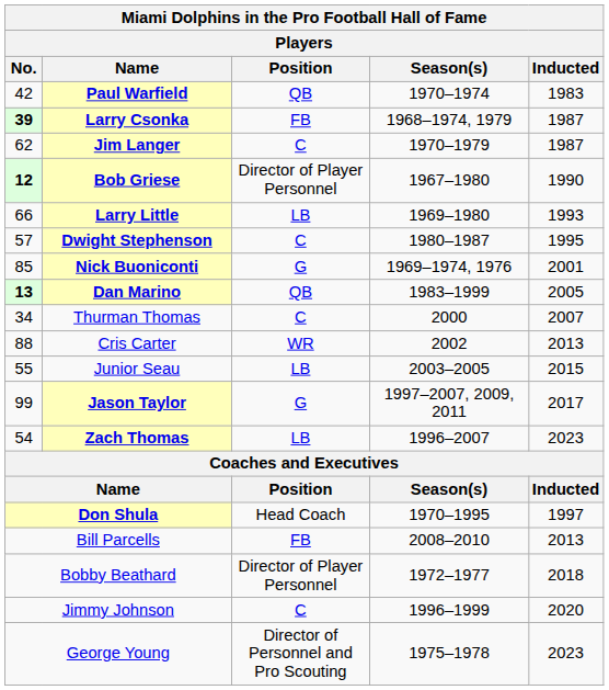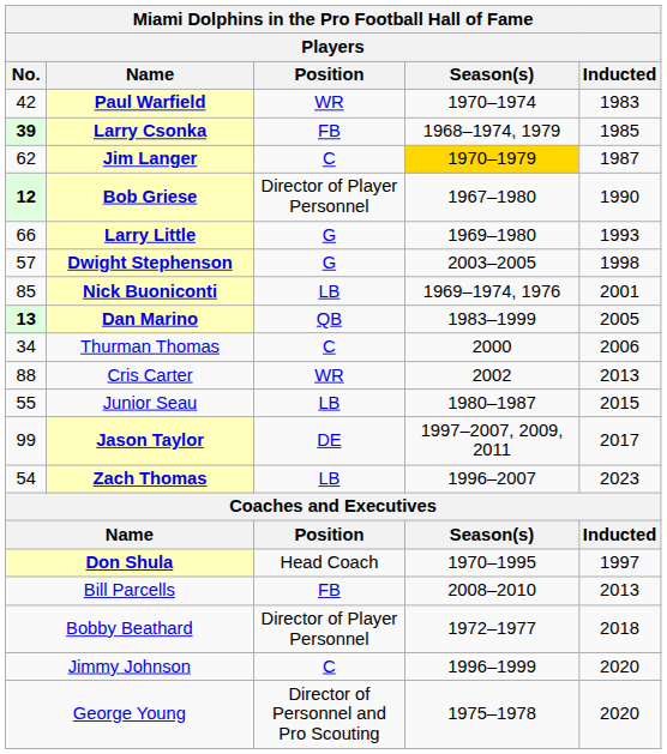 <table class="wikitable" style="text-align:center">
 <tr>
 <th colspan="6"><strong>Miami Dolphins in the Pro Football Hall of Fame</strong></th>
 </tr>
 <tr>
 <th colspan="6">Players</th>
 </tr>
 <tr>
 <th style="width:30px">No.</th>
 <th style="width:180px">Name</th>
 <th style="width:130px">Position</th>
 <th style="width:150px">Season(s)</th>
 <th style="width:50px">Inducted</th>
 </tr>
 <tr>
 <td>42</td>
 <td style="background:#ffb"><strong><a href='#'>Paul Warfield</a></strong></td>
-<td><a href='#'>QB</a></td>
+<td><a href='#'>WR</a></td>
 <td>1970–1974</td>
 <td>1983</td>
 </tr>
 <tr>
 <td style="background:#DDFFDD"><strong>39</strong></td>
 <td style="background:#ffb"><strong><a href='#'>Larry Csonka</a></strong></td>
 <td><a href='#'>FB</a></td>
 <td>1968–1974, 1979</td>
-<td>1987</td>
+<td>1985</td>
 </tr>
 <tr>
 <td>62</td>
 <td style="background:#ffb"><strong><a href='#'>Jim Langer</a></strong></td>
 <td><a href='#'>C</a></td>
-<td>1970–1979</td>
+<td style="background: gold;">1970–1979</td>
 <td>1987</td>
 </tr>
 <tr>
 <td style="background:#DDFFDD"><strong>12</strong></td>
 <td style="background:#ffb"><strong><a href='#'>Bob Griese</a></strong></td>
 <td>Director of Player Personnel</td>
 <td>1967–1980</td>
 <td>1990</td>
 </tr>
 <tr>
 <td>66</td>
 <td style="background:#ffb"><strong><a href='#'>Larry Little</a></strong></td>
-<td><a href='#'>LB</a></td>
+<td><a href='#'>G</a></td>
 <td>1969–1980</td>
 <td>1993</td>
 </tr>
 <tr>
 <td>57</td>
 <td style="background:#ffb"><strong><a href='#'>Dwight Stephenson</a></strong></td>
-<td><a href='#'>C</a></td>
-<td>1980–1987</td>
-<td>1995</td>
+<td><a href='#'>G</a></td>
+<td>2003–2005</td>
+<td>1998</td>
 </tr>
 <tr>
 <td>85</td>
 <td style="background:#ffb"><strong><a href='#'>Nick Buoniconti</a></strong></td>
-<td><a href='#'>G</a></td>
+<td><a href='#'>LB</a></td>
 <td>1969–1974, 1976</td>
 <td>2001</td>
 </tr>
 <tr>
 <td style="background:#DDFFDD"><strong>13</strong></td>
 <td style="background:#ffb"><strong><a href='#'>Dan Marino</a></strong></td>
 <td><a href='#'>QB</a></td>
 <td>1983–1999</td>
 <td>2005</td>
 </tr>
 <tr>
 <td>34</td>
 <td><a href='#'>Thurman Thomas</a></td>
 <td><a href='#'>C</a></td>
 <td>2000</td>
-<td>2007</td>
+<td>2006</td>
 </tr>
 <tr>
 <td>88</td>
 <td><a href='#'>Cris Carter</a></td>
 <td><a href='#'>WR</a></td>
 <td>2002</td>
 <td>2013</td>
 </tr>
 <tr>
 <td>55</td>
 <td><a href='#'>Junior Seau</a></td>
 <td><a href='#'>LB</a></td>
-<td>2003–2005</td>
+<td>1980–1987</td>
 <td>2015</td>
 </tr>
 <tr>
 <td>99</td>
 <td style="background:#ffb"><strong><a href='#'>Jason Taylor</a></strong></td>
-<td><a href='#'>G</a></td>
+<td><a href='#'>DE</a></td>
 <td>1997–2007, 2009, 2011</td>
 <td>2017</td>
 </tr>
 <tr>
 <td>54</td>
 <td style="background:#ffb"><strong><a href='#'>Zach Thomas</a> </strong></td>
 <td><a href='#'>LB</a></td>
 <td>1996–2007</td>
 <td>2023</td>
 </tr>
 <tr>
 <th colspan="6">Coaches and Executives</th>
 </tr>
 <tr>
 <th style="width:130px" colspan="2">Name</th>
 <th style="width:130px">Position</th>
 <th style="width:100px">Season(s)</th>
 <th style="width:50px">Inducted</th>
 </tr>
 <tr>
 <td colspan="2"style="background:#ffb"><strong><a href='#'>Don Shula</a></strong></td>
 <td>Head Coach</td>
 <td>1970–1995</td>
 <td>1997</td>
 </tr>
 <tr>
 <td colspan="2"><a href='#'>Bill Parcells</a></td>
 <td><a href='#'>FB</a></td>
 <td>2008–2010</td>
 <td>2013</td>
 </tr>
 <tr>
 <td colspan="2"><a href='#'>Bobby Beathard</a></td>
 <td>Director of Player Personnel</td>
 <td>1972–1977</td>
 <td>2018</td>
 </tr>
 <tr>
 <td colspan="2"><a href='#'>Jimmy Johnson</a></td>
 <td><a href='#'>C</a></td>
 <td>1996–1999</td>
 <td>2020</td>
 </tr>
 <tr>
 <td colspan="2"><a href='#'>George Young</a></td>
 <td>Director of Personnel and Pro Scouting</td>
 <td>1975–1978</td>
-<td>2023</td>
+<td>2020</td>
 </tr>
 </table>
